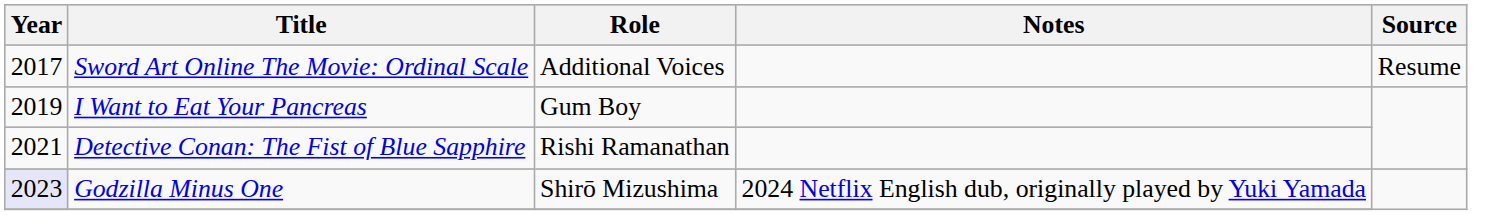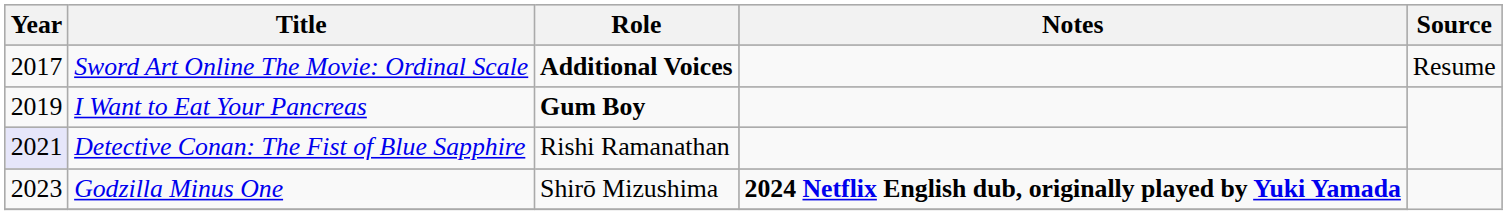 <table class="wikitable sortable">
 <tr>
 <th>Year</th>
 <th>Title</th>
 <th>Role</th>
 <th>Notes</th>
 <th>Source<strong></strong></th>
 </tr>
 <tr>
 <td>2017</td>
 <td><em><a href='#'>Sword Art Online The Movie: Ordinal Scale</a></em></td>
-<td>Additional Voices</td>
+<td><strong>Additional Voices</strong></td>
 <td></td>
 <td>Resume</td>
 </tr>
 <tr>
 <td>2019</td>
 <td><em><a href='#'>I Want to Eat Your Pancreas</a></em></td>
-<td>Gum Boy</td>
+<td><strong>Gum Boy</strong></td>
 <td></td>
 <td rowspan="2"></td>
 </tr>
 <tr>
-<td>2021</td>
+<td style="background: lavender;">2021</td>
 <td><em><a href='#'>Detective Conan: The Fist of Blue Sapphire</a></em></td>
 <td>Rishi Ramanathan</td>
 <td></td>
 </tr>
 <tr>
-<td style="background: lavender;">2023</td>
+<td>2023</td>
 <td><em><a href='#'>Godzilla Minus One</a></em></td>
 <td>Shirō Mizushima</td>
-<td>2024 <a href='#'>Netflix</a> English dub, originally played by <a href='#'>Yuki Yamada</a></td>
+<td><strong>2024 <a href='#'>Netflix</a> English dub, originally played by <a href='#'>Yuki Yamada</a></strong></td>
 </tr>
 <tr>
 </tr>
 </table>
